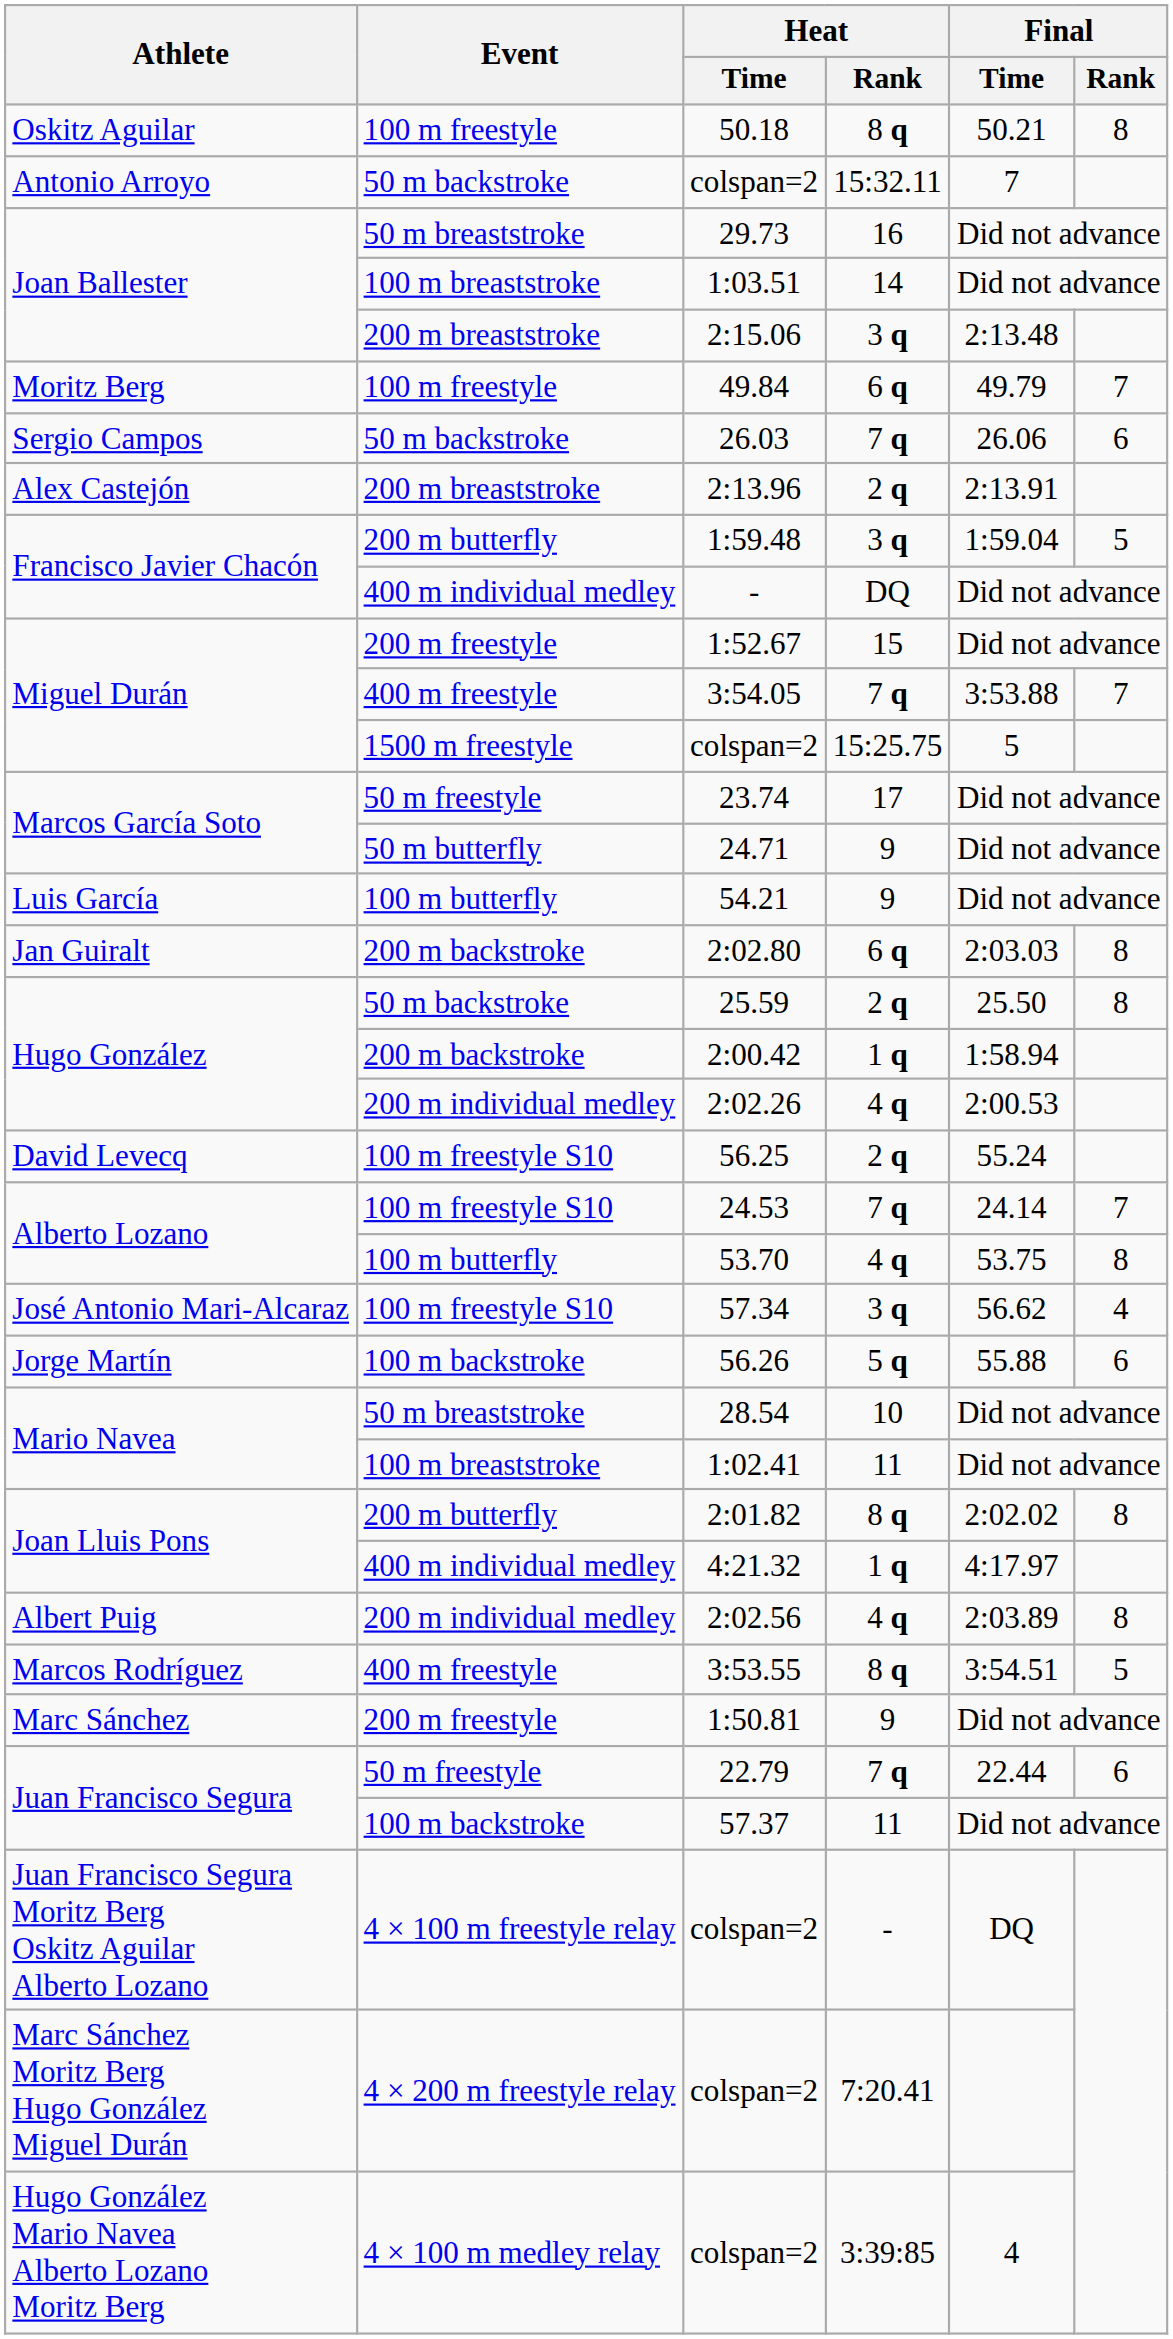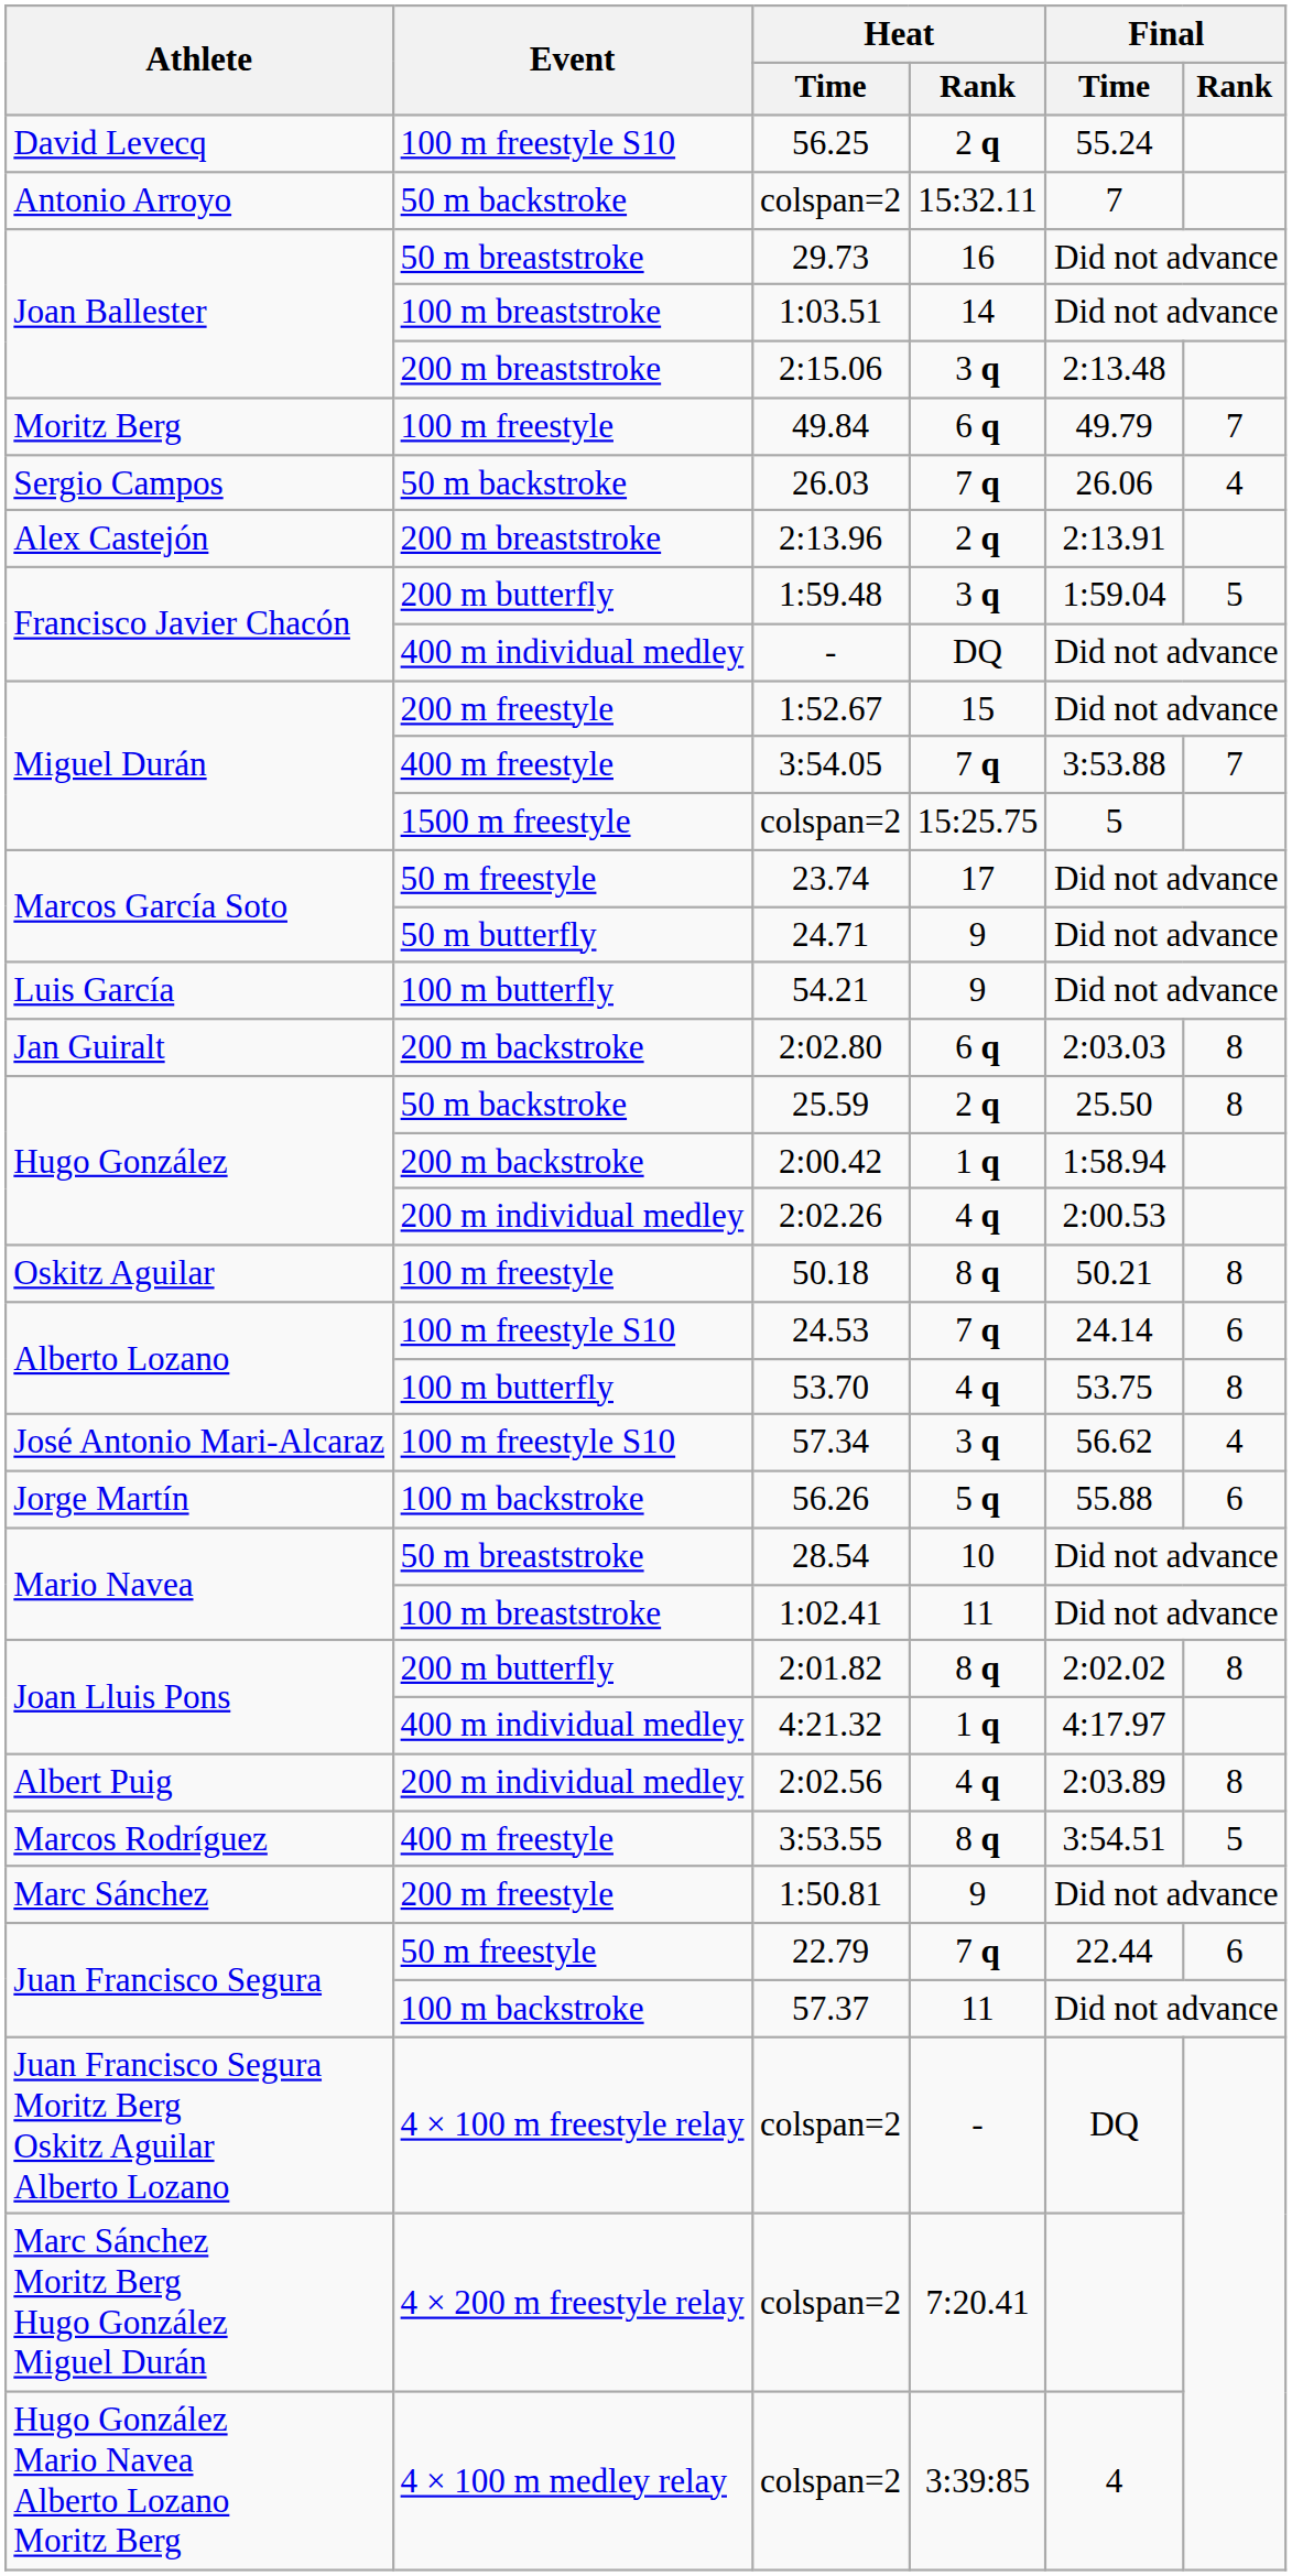 <table class=wikitable style="font-size:90%">
 <tr>
 <th rowspan="2">Athlete</th>
 <th rowspan="2">Event</th>
 <th colspan="2">Heat</th>
 <th colspan="2">Final</th>
 </tr>
 <tr style="font-size:95%">
 <th>Time</th>
 <th>Rank</th>
 <th>Time</th>
 <th>Rank</th>
 </tr>
 <tr align=center>
-<td align=left><a href='#'>Oskitz Aguilar</a></td>
-<td align=left><a href='#'>100 m freestyle</a></td>
-<td>50.18</td>
-<td>8 <strong>q</strong></td>
-<td>50.21</td>
-<td>8</td>
+<td align=left><a href='#'>David Levecq</a></td>
+<td align=left><a href='#'>100 m freestyle S10</a></td>
+<td>56.25</td>
+<td>2 <strong>q</strong></td>
+<td>55.24</td>
+<td></td>
 </tr>
 <tr align=center>
 <td align=left><a href='#'>Antonio Arroyo</a></td>
 <td align=left><a href='#'>50 m backstroke</a></td>
 <td>colspan=2 </td>
 <td>15:32.11</td>
 <td>7</td>
 </tr>
 <tr align=center>
 <td align=left rowspan=3><a href='#'>Joan Ballester</a></td>
 <td align=left><a href='#'>50 m breaststroke</a></td>
 <td>29.73</td>
 <td>16</td>
 <td colspan=2>Did not advance</td>
 </tr>
 <tr align=center>
 <td align=left><a href='#'>100 m breaststroke</a></td>
 <td>1:03.51</td>
 <td>14</td>
 <td colspan=2>Did not advance</td>
 </tr>
 <tr align=center>
 <td align=left><a href='#'>200 m breaststroke</a></td>
 <td>2:15.06</td>
 <td>3 <strong>q</strong></td>
 <td>2:13.48</td>
 <td></td>
 </tr>
 <tr align=center>
 <td align=left><a href='#'>Moritz Berg</a></td>
 <td align=left><a href='#'>100 m freestyle</a></td>
 <td>49.84</td>
 <td>6 <strong>q</strong></td>
 <td>49.79</td>
 <td>7</td>
 </tr>
 <tr align=center>
 <td align=left><a href='#'>Sergio Campos</a></td>
 <td align=left><a href='#'>50 m backstroke</a></td>
 <td>26.03</td>
 <td>7 <strong>q</strong></td>
 <td>26.06</td>
-<td>6</td>
+<td>4</td>
 </tr>
 <tr align=center>
 <td align=left><a href='#'>Alex Castejón</a></td>
 <td align=left><a href='#'>200 m breaststroke</a></td>
 <td>2:13.96</td>
 <td>2 <strong>q</strong></td>
 <td>2:13.91</td>
 <td></td>
 </tr>
 <tr align=center>
 <td align=left rowspan=2><a href='#'>Francisco Javier Chacón</a></td>
 <td align=left><a href='#'>200 m butterfly</a></td>
 <td>1:59.48</td>
 <td>3 <strong>q</strong></td>
 <td>1:59.04</td>
 <td>5</td>
 </tr>
 <tr align=center>
 <td align=left><a href='#'>400 m individual medley</a></td>
 <td>-</td>
 <td>DQ</td>
 <td colspan=2>Did not advance</td>
 </tr>
 <tr align=center>
 <td align=left rowspan=3><a href='#'>Miguel Durán</a></td>
 <td align=left><a href='#'>200 m freestyle</a></td>
 <td>1:52.67</td>
 <td>15</td>
 <td colspan=2>Did not advance</td>
 </tr>
 <tr align=center>
 <td align=left><a href='#'>400 m freestyle</a></td>
 <td>3:54.05</td>
 <td>7 <strong>q</strong></td>
 <td>3:53.88</td>
 <td>7</td>
 </tr>
 <tr align=center>
 <td align=left><a href='#'>1500 m freestyle</a></td>
 <td>colspan=2 </td>
 <td>15:25.75</td>
 <td>5</td>
 </tr>
 <tr align=center>
 <td align=left rowspan=2><a href='#'>Marcos García Soto</a></td>
 <td align=left><a href='#'>50 m freestyle</a></td>
 <td>23.74</td>
 <td>17</td>
 <td colspan=2>Did not advance</td>
 </tr>
 <tr align=center>
 <td align=left><a href='#'>50 m butterfly</a></td>
 <td>24.71</td>
 <td>9</td>
 <td colspan=2>Did not advance</td>
 </tr>
 <tr align=center>
 <td align=left><a href='#'>Luis García</a></td>
 <td align=left><a href='#'>100 m butterfly</a></td>
 <td>54.21</td>
 <td>9</td>
 <td colspan=2>Did not advance</td>
 </tr>
 <tr align=center>
 <td align=left><a href='#'>Jan Guiralt</a></td>
 <td align=left><a href='#'>200 m backstroke</a></td>
 <td>2:02.80</td>
 <td>6 <strong>q</strong></td>
 <td>2:03.03</td>
 <td>8</td>
 </tr>
 <tr align=center>
 <td align=left rowspan=3><a href='#'>Hugo González</a></td>
 <td align=left><a href='#'>50 m backstroke</a></td>
 <td>25.59</td>
 <td>2 <strong>q</strong></td>
 <td>25.50</td>
 <td>8</td>
 </tr>
 <tr align=center>
 <td align=left><a href='#'>200 m backstroke</a></td>
 <td>2:00.42</td>
 <td>1 <strong>q</strong></td>
 <td>1:58.94</td>
 <td></td>
 </tr>
 <tr align=center>
 <td align=left><a href='#'>200 m individual medley</a></td>
 <td>2:02.26</td>
 <td>4 <strong>q</strong></td>
 <td>2:00.53</td>
 <td></td>
 </tr>
 <tr align=center>
-<td align=left><a href='#'>David Levecq</a></td>
-<td align=left><a href='#'>100 m freestyle S10</a></td>
-<td>56.25</td>
-<td>2 <strong>q</strong></td>
-<td>55.24</td>
-<td></td>
+<td align=left><a href='#'>Oskitz Aguilar</a></td>
+<td align=left><a href='#'>100 m freestyle</a></td>
+<td>50.18</td>
+<td>8 <strong>q</strong></td>
+<td>50.21</td>
+<td>8</td>
 </tr>
 <tr align=center>
 <td align=left rowspan=2><a href='#'>Alberto Lozano</a></td>
 <td align=left><a href='#'>100 m freestyle S10</a></td>
 <td>24.53</td>
 <td>7 <strong>q</strong></td>
 <td>24.14</td>
-<td>7</td>
+<td>6</td>
 </tr>
 <tr align=center>
 <td align=left><a href='#'>100 m butterfly</a></td>
 <td>53.70</td>
 <td>4 <strong>q</strong></td>
 <td>53.75</td>
 <td>8</td>
 </tr>
 <tr align=center>
 <td align=left><a href='#'>José Antonio Mari-Alcaraz</a></td>
 <td align=left><a href='#'>100 m freestyle S10</a></td>
 <td>57.34</td>
 <td>3 <strong>q</strong></td>
 <td>56.62</td>
 <td>4</td>
 </tr>
 <tr align=center>
 <td align=left><a href='#'>Jorge Martín</a></td>
 <td align=left><a href='#'>100 m backstroke</a></td>
 <td>56.26</td>
 <td>5 <strong>q</strong></td>
 <td>55.88</td>
 <td>6</td>
 </tr>
 <tr align=center>
 <td align=left rowspan=2><a href='#'>Mario Navea</a></td>
 <td align=left><a href='#'>50 m breaststroke</a></td>
 <td>28.54</td>
 <td>10</td>
 <td colspan=2>Did not advance</td>
 </tr>
 <tr align=center>
 <td align=left><a href='#'>100 m breaststroke</a></td>
 <td>1:02.41</td>
 <td>11</td>
 <td colspan=2>Did not advance</td>
 </tr>
 <tr align=center>
 <td align=left rowspan=2><a href='#'>Joan Lluis Pons</a></td>
 <td align=left><a href='#'>200 m butterfly</a></td>
 <td>2:01.82</td>
 <td>8 <strong>q</strong></td>
 <td>2:02.02</td>
 <td>8</td>
 </tr>
 <tr align=center>
 <td align=left><a href='#'>400 m individual medley</a></td>
 <td>4:21.32</td>
 <td>1 <strong>q</strong></td>
 <td>4:17.97</td>
 <td></td>
 </tr>
 <tr align=center>
 <td align=left><a href='#'>Albert Puig</a></td>
 <td align=left><a href='#'>200 m individual medley</a></td>
 <td>2:02.56</td>
 <td>4 <strong>q</strong></td>
 <td>2:03.89</td>
 <td>8</td>
 </tr>
 <tr align=center>
 <td align=left><a href='#'>Marcos Rodríguez</a></td>
 <td align=left><a href='#'>400 m freestyle</a></td>
 <td>3:53.55</td>
 <td>8 <strong>q</strong></td>
 <td>3:54.51</td>
 <td>5</td>
 </tr>
 <tr align=center>
 <td align=left><a href='#'>Marc Sánchez</a></td>
 <td align=left><a href='#'>200 m freestyle</a></td>
 <td>1:50.81</td>
 <td>9</td>
 <td colspan=2>Did not advance</td>
 </tr>
 <tr align=center>
 <td align=left rowspan=2><a href='#'>Juan Francisco Segura</a></td>
 <td align=left><a href='#'>50 m freestyle</a></td>
 <td>22.79</td>
 <td>7 <strong>q</strong></td>
 <td>22.44</td>
 <td>6</td>
 </tr>
 <tr align=center>
 <td align=left><a href='#'>100 m backstroke</a></td>
 <td>57.37</td>
 <td>11</td>
 <td colspan=2>Did not advance</td>
 </tr>
 <tr align=center>
 <td align=left><a href='#'>Juan Francisco Segura</a><br><a href='#'>Moritz Berg</a><br><a href='#'>Oskitz Aguilar</a><br><a href='#'>Alberto Lozano</a></td>
 <td align=left><a href='#'>4 × 100 m freestyle relay</a></td>
 <td>colspan=2 </td>
 <td>-</td>
 <td>DQ</td>
 </tr>
 <tr align=center>
 <td align=left><a href='#'>Marc Sánchez</a><br><a href='#'>Moritz Berg</a><br><a href='#'>Hugo González</a><br><a href='#'>Miguel Durán</a></td>
 <td align=left><a href='#'>4 × 200 m freestyle relay</a></td>
 <td>colspan=2 </td>
 <td>7:20.41</td>
 <td></td>
 </tr>
 <tr align=center>
 <td align=left><a href='#'>Hugo González</a><br><a href='#'>Mario Navea</a><br><a href='#'>Alberto Lozano</a><br><a href='#'>Moritz Berg</a></td>
 <td align=left><a href='#'>4 × 100 m medley relay</a></td>
 <td>colspan=2 </td>
 <td>3:39:85</td>
 <td>4</td>
 </tr>
 </table>
